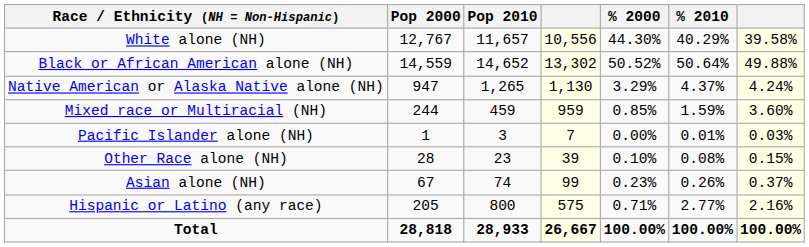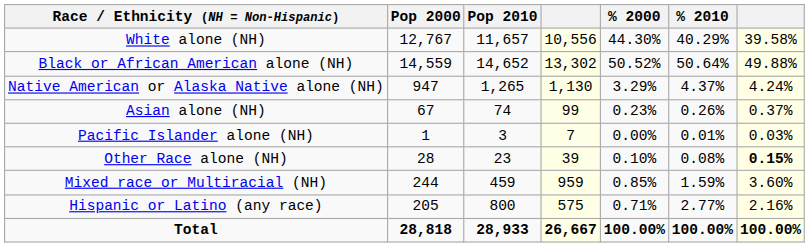 <table class="wikitable" style="text-align:center;">
 <tr>
 <th>Race / Ethnicity <small>(<em>NH = Non-Hispanic</em>)</small></th>
 <th>Pop 2000</th>
 <th>Pop 2010</th>
 <th></th>
 <th>% 2000</th>
 <th>% 2010</th>
 <th></th>
 </tr>
 <tr>
 <td><a href='#'>White</a> alone (NH)</td>
 <td>12,767</td>
 <td>11,657</td>
 <td style='background: #ffffe6;'>10,556</td>
 <td>44.30%</td>
 <td>40.29%</td>
 <td style='background: #ffffe6;'>39.58%</td>
 </tr>
 <tr>
 <td><a href='#'>Black or African American</a> alone (NH)</td>
 <td>14,559</td>
 <td>14,652</td>
 <td style='background: #ffffe6;'>13,302</td>
 <td>50.52%</td>
 <td>50.64%</td>
 <td style='background: #ffffe6;'>49.88%</td>
 </tr>
 <tr>
 <td><a href='#'>Native American</a> or <a href='#'>Alaska Native</a> alone (NH)</td>
 <td>947</td>
 <td>1,265</td>
 <td style='background: #ffffe6;'>1,130</td>
 <td>3.29%</td>
 <td>4.37%</td>
 <td style='background: #ffffe6;'>4.24%</td>
 </tr>
 <tr>
-<td><a href='#'>Mixed race or Multiracial</a> (NH)</td>
-<td>244</td>
-<td>459</td>
-<td style='background: #ffffe6;'>959</td>
-<td>0.85%</td>
-<td>1.59%</td>
-<td style='background: #ffffe6;'>3.60%</td>
+<td><a href='#'>Asian</a> alone (NH)</td>
+<td>67</td>
+<td>74</td>
+<td style='background: #ffffe6;'>99</td>
+<td>0.23%</td>
+<td>0.26%</td>
+<td style='background: #ffffe6;'>0.37%</td>
 </tr>
 <tr>
 <td><a href='#'>Pacific Islander</a> alone (NH)</td>
 <td>1</td>
 <td>3</td>
 <td style='background: #ffffe6;'>7</td>
 <td>0.00%</td>
 <td>0.01%</td>
 <td style='background: #ffffe6;'>0.03%</td>
 </tr>
 <tr>
 <td><a href='#'>Other Race</a> alone (NH)</td>
 <td>28</td>
 <td>23</td>
 <td style='background: #ffffe6;'>39</td>
 <td>0.10%</td>
 <td>0.08%</td>
-<td style='background: #ffffe6;'>0.15%</td>
+<td style='background: #ffffe6;'><strong>0.15%</strong></td>
 </tr>
 <tr>
-<td><a href='#'>Asian</a> alone (NH)</td>
-<td>67</td>
-<td>74</td>
-<td style='background: #ffffe6;'>99</td>
-<td>0.23%</td>
-<td>0.26%</td>
-<td style='background: #ffffe6;'>0.37%</td>
+<td><a href='#'>Mixed race or Multiracial</a> (NH)</td>
+<td>244</td>
+<td>459</td>
+<td style='background: #ffffe6;'>959</td>
+<td>0.85%</td>
+<td>1.59%</td>
+<td style='background: #ffffe6;'>3.60%</td>
 </tr>
 <tr>
 <td><a href='#'>Hispanic or Latino</a> (any race)</td>
 <td>205</td>
 <td>800</td>
 <td style='background: #ffffe6;'>575</td>
 <td>0.71%</td>
 <td>2.77%</td>
 <td style='background: #ffffe6;'>2.16%</td>
 </tr>
 <tr>
 <td><strong>Total</strong></td>
 <td><strong>28,818</strong></td>
 <td><strong>28,933</strong></td>
 <td style='background: #ffffe6;'><strong>26,667</strong></td>
 <td><strong>100.00%</strong></td>
 <td><strong>100.00%</strong></td>
 <td style='background: #ffffe6;'><strong>100.00%</strong></td>
 </tr>
 </table>
